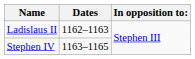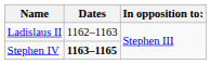 <table class="wikitable">
 <tr>
 <th>Name</th>
 <th>Dates</th>
 <th>In opposition to:</th>
 </tr>
 <tr>
 <td><a href='#'>Ladislaus II</a></td>
 <td>1162–1163</td>
 <td rowspan="2"><a href='#'>Stephen III</a></td>
 </tr>
 <tr>
 <td><a href='#'>Stephen IV</a></td>
-<td>1163–1165</td>
+<td><strong>1163–1165</strong></td>
 </tr>
 </table>
